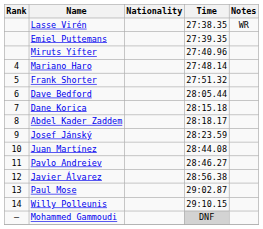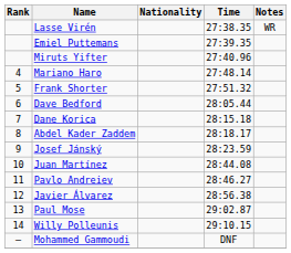 <table class="wikitable sortable" style="text-align:center">
 <tr>
 <th>Rank</th>
 <th>Name</th>
 <th>Nationality</th>
 <th>Time</th>
 <th>Notes</th>
 </tr>
 <tr>
 <td></td>
 <td align=left><a href='#'>Lasse Virén</a></td>
 <td align=left></td>
 <td>27:38.35</td>
 <td>WR</td>
 </tr>
 <tr>
 <td></td>
 <td align=left><a href='#'>Emiel Puttemans</a></td>
 <td align=left></td>
 <td>27:39.35</td>
 <td></td>
 </tr>
 <tr>
 <td></td>
 <td align=left><a href='#'>Miruts Yifter</a></td>
 <td align=left></td>
 <td>27:40.96</td>
 <td></td>
 </tr>
 <tr>
 <td>4</td>
 <td align=left><a href='#'>Mariano Haro</a></td>
 <td align=left></td>
 <td>27:48.14</td>
 <td></td>
 </tr>
 <tr>
 <td>5</td>
 <td align=left><a href='#'>Frank Shorter</a></td>
 <td align=left></td>
 <td>27:51.32</td>
 <td></td>
 </tr>
 <tr>
 <td>6</td>
 <td align=left><a href='#'>Dave Bedford</a></td>
 <td align=left></td>
 <td>28:05.44</td>
 <td></td>
 </tr>
 <tr>
 <td>7</td>
 <td align=left><a href='#'>Dane Korica</a></td>
 <td align=left></td>
 <td>28:15.18</td>
 <td></td>
 </tr>
 <tr>
 <td>8</td>
 <td align=left><a href='#'>Abdel Kader Zaddem</a></td>
 <td align=left></td>
 <td>28:18.17</td>
 <td></td>
 </tr>
 <tr>
 <td>9</td>
 <td align=left><a href='#'>Josef Jánský</a></td>
 <td align=left></td>
 <td>28:23.59</td>
 <td></td>
 </tr>
 <tr>
 <td>10</td>
 <td align=left><a href='#'>Juan Martínez</a></td>
 <td align=left></td>
 <td>28:44.08</td>
 <td></td>
 </tr>
 <tr>
 <td>11</td>
 <td align=left><a href='#'>Pavlo Andreiev</a></td>
 <td align=left></td>
 <td>28:46.27</td>
 <td></td>
 </tr>
 <tr>
 <td>12</td>
 <td align=left><a href='#'>Javier Álvarez</a></td>
 <td align=left></td>
 <td>28:56.38</td>
 <td></td>
 </tr>
 <tr>
 <td>13</td>
 <td align=left><a href='#'>Paul Mose</a></td>
 <td align=left></td>
 <td>29:02.87</td>
 <td></td>
 </tr>
 <tr>
 <td>14</td>
 <td align=left><a href='#'>Willy Polleunis</a></td>
 <td align=left></td>
 <td>29:10.15</td>
 <td></td>
 </tr>
 <tr>
 <td>–</td>
 <td align=left><a href='#'>Mohammed Gammoudi</a></td>
 <td align=left></td>
-<td style="background: lightgrey;">DNF</td>
+<td>DNF</td>
 <td></td>
 </tr>
 <tr>
 </tr>
 </table>
